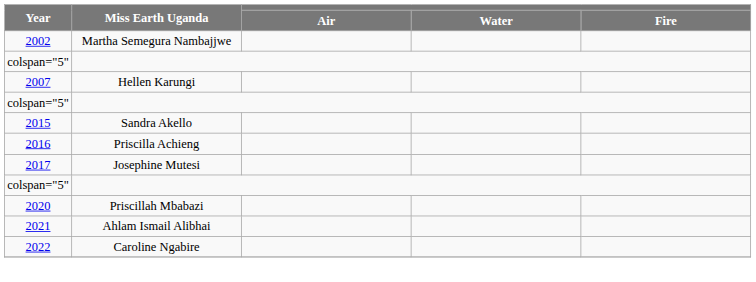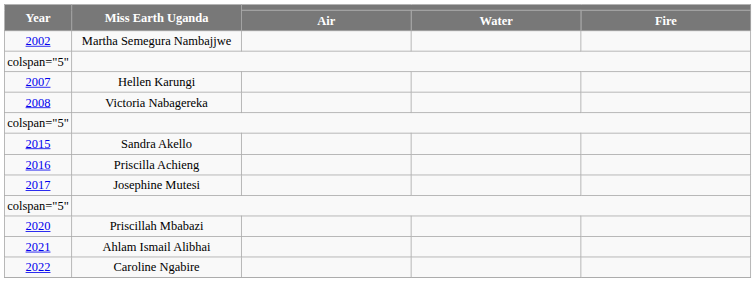 <table class="wikitable sortable" style="font-size: 95%; text-align:center">
 <tr>
 <th rowspan="2" width="60" style="background-color:#787878;color:#FFFFFF;">Year</th>
 <th rowspan="2" width="200" style="background-color:#787878;color:#FFFFFF;">Miss Earth Uganda</th>
 <th colspan="3" width="60" style="background-color:#787878;color:#FFFFFF;"></th>
 </tr>
 <tr>
 <th width="200" style="background-color:#787878;color:#FFFFFF;">Air</th>
 <th width="200" style="background-color:#787878;color:#FFFFFF;">Water</th>
 <th width="200" style="background-color:#787878;color:#FFFFFF;">Fire</th>
 </tr>
 <tr>
 <td><a href='#'>2002</a></td>
 <td>Martha Semegura Nambajjwe</td>
 <td></td>
 <td></td>
 <td></td>
 </tr>
 <tr>
 <td>colspan="5" </td>
 </tr>
 <tr>
 <td><a href='#'>2007</a></td>
 <td>Hellen Karungi</td>
+<td></td>
+<td></td>
+<td></td>
+</tr>
+<tr>
+<td><a href='#'>2008</a></td>
+<td>Victoria Nabagereka</td>
 <td></td>
 <td></td>
 <td></td>
 </tr>
 <tr>
 <td>colspan="5" </td>
 </tr>
 <tr>
 <td><a href='#'>2015</a></td>
 <td>Sandra Akello</td>
 <td></td>
 <td></td>
 <td></td>
 </tr>
 <tr>
 <td><a href='#'>2016</a></td>
 <td>Priscilla Achieng</td>
 <td></td>
 <td></td>
 <td></td>
 </tr>
 <tr>
 <td><a href='#'>2017</a></td>
 <td>Josephine Mutesi</td>
 <td></td>
 <td></td>
 <td></td>
 </tr>
 <tr>
 <td>colspan="5" </td>
 </tr>
 <tr>
 <td><a href='#'>2020</a></td>
 <td>Priscillah Mbabazi</td>
 <td></td>
 <td></td>
 <td></td>
 </tr>
 <tr>
 <td><a href='#'>2021</a></td>
 <td>Ahlam Ismail Alibhai</td>
 <td></td>
 <td></td>
 <td></td>
 </tr>
 <tr>
 <td><a href='#'>2022</a></td>
 <td>Caroline Ngabire</td>
 <td></td>
 <td></td>
 <td></td>
 </tr>
 <tr>
 </tr>
 </table>
